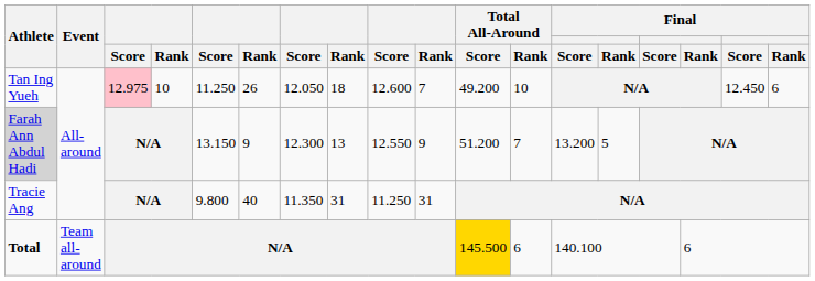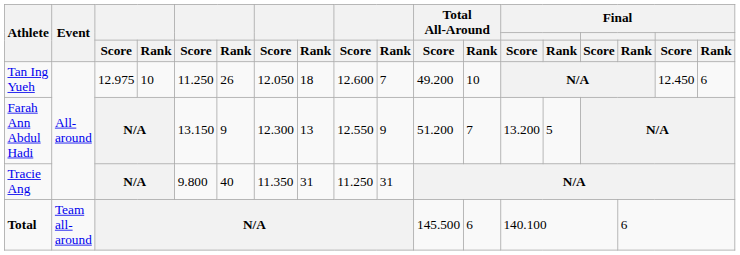 <table class="wikitable">
 <tr>
 <th rowspan="3">Athlete</th>
 <th rowspan="3">Event</th>
 <th colspan="2" rowspan="2"></th>
 <th colspan="2" rowspan="2"></th>
 <th colspan="2" rowspan="2"></th>
 <th colspan="2" rowspan="2"></th>
 <th colspan="2" rowspan="2">Total<br>All-Around</th>
 <th colspan="6">Final</th>
 </tr>
 <tr>
 <th colspan="2"></th>
 <th colspan="2"></th>
 <th colspan="2"></th>
 </tr>
 <tr>
 <th>Score</th>
 <th>Rank</th>
 <th>Score</th>
 <th>Rank</th>
 <th>Score</th>
 <th>Rank</th>
 <th>Score</th>
 <th>Rank</th>
 <th>Score</th>
 <th>Rank</th>
 <th>Score</th>
 <th>Rank</th>
 <th>Score</th>
 <th>Rank</th>
 <th>Score</th>
 <th>Rank</th>
 </tr>
 <tr>
 <td><a href='#'>Tan Ing Yueh</a></td>
 <td rowspan="3"><a href='#'>All-around</a></td>
-<td style="background: pink;">12.975</td>
+<td>12.975</td>
 <td>10</td>
 <td>11.250</td>
 <td>26</td>
 <td>12.050</td>
 <td>18</td>
 <td>12.600</td>
 <td>7</td>
 <td>49.200</td>
 <td>10</td>
 <th colspan="4">N/A</th>
 <td>12.450</td>
 <td>6</td>
 </tr>
 <tr>
-<td style="background: lightgrey;"><a href='#'>Farah Ann Abdul Hadi</a></td>
+<td><a href='#'>Farah Ann Abdul Hadi</a></td>
 <th colspan="2">N/A</th>
 <td>13.150</td>
 <td>9</td>
 <td>12.300</td>
 <td>13</td>
 <td>12.550</td>
 <td>9</td>
 <td>51.200</td>
 <td>7 <strong></strong></td>
 <td>13.200</td>
 <td>5</td>
 <th colspan="4">N/A</th>
 </tr>
 <tr>
 <td><a href='#'>Tracie Ang</a></td>
 <th colspan="2">N/A</th>
 <td>9.800</td>
 <td>40</td>
 <td>11.350</td>
 <td>31</td>
 <td>11.250</td>
 <td>31</td>
 <th colspan="8">N/A</th>
 </tr>
 <tr>
 <td><strong>Total</strong></td>
 <td><a href='#'>Team all-around</a></td>
 <th colspan="8">N/A</th>
-<td style="background: gold;">145.500</td>
+<td>145.500</td>
 <td>6 <strong></strong></td>
 <td colspan="3">140.100</td>
 <td colspan="3">6</td>
 </tr>
 </table>
